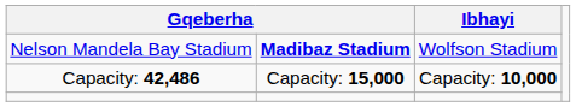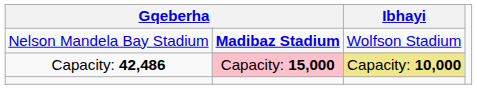 <table class="wikitable" style="margin:1em auto; text-align:center;">
 <tr>
 <th colspan=2><a href='#'>Gqeberha</a></th>
 <th><a href='#'>Ibhayi</a></th>
 <td rowspan="4" text-align="center"></td>
 </tr>
 <tr>
 <td><a href='#'>Nelson Mandela Bay Stadium</a></td>
 <td><strong><a href='#'>Madibaz Stadium</a></strong></td>
 <td><a href='#'>Wolfson Stadium</a></td>
 </tr>
 <tr>
 <td>Capacity: <strong>42,486</strong></td>
-<td>Capacity: <strong>15,000</strong></td>
-<td>Capacity: <strong>10,000</strong></td>
+<td style="background: pink;">Capacity: <strong>15,000</strong></td>
+<td style="background: khaki;">Capacity: <strong>10,000</strong></td>
 </tr>
 <tr>
 <td></td>
 <td></td>
 <td></td>
 </tr>
 </table>
